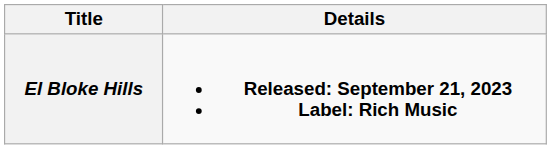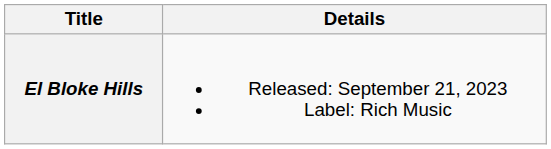 <table class="wikitable plainrowheaders" style="text-align:center;">
 <tr>
 <th scope="col" style="width:8em;">Title</th>
 <th scope="col" style="width:20em;">Details</th>
 </tr>
 <tr>
 <th scope="row"><em>El Bloke Hills</em></th>
-<td><strong><br><ul><li>Released: September 21, 2023</li><li>Label: Rich Music</li></ul></strong></td>
+<td><br><ul><li>Released: September 21, 2023</li><li>Label: Rich Music</li></ul></td>
 </tr>
 </table>
